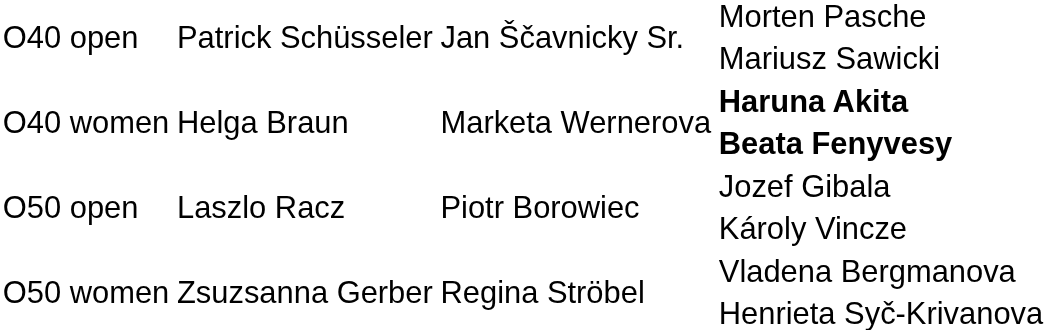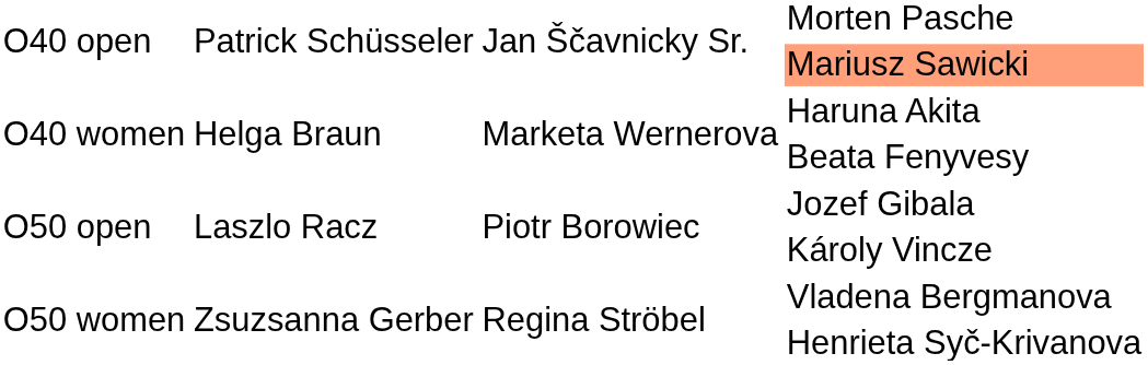 <table>
 <tr>
 <td rowspan="2">O40 open<br></td>
 <td rowspan="2"> Patrick Schüsseler</td>
 <td rowspan="2"> Jan Ščavnicky Sr.</td>
 <td> Morten Pasche</td>
 </tr>
 <tr>
-<td> Mariusz Sawicki</td>
+<td style="background: lightsalmon;"> Mariusz Sawicki</td>
 </tr>
 <tr>
 <td rowspan="2">O40 women<br></td>
 <td rowspan="2"> Helga Braun</td>
 <td rowspan="2"> Marketa Wernerova</td>
-<td><strong> Haruna Akita</strong></td>
+<td> Haruna Akita</td>
 </tr>
 <tr>
-<td><strong> Beata Fenyvesy</strong></td>
+<td> Beata Fenyvesy</td>
 </tr>
 <tr>
 <td rowspan="2">O50 open<br></td>
 <td rowspan="2"> Laszlo Racz</td>
 <td rowspan="2"> Piotr Borowiec</td>
 <td> Jozef Gibala</td>
 </tr>
 <tr>
 <td> Károly Vincze</td>
 </tr>
 <tr>
 <td rowspan="2">O50 women<br></td>
 <td rowspan="2"> Zsuzsanna Gerber</td>
 <td rowspan="2"> Regina Ströbel</td>
 <td> Vladena Bergmanova</td>
 </tr>
 <tr>
 <td> Henrieta Syč-Krivanova</td>
 </tr>
 </table>
